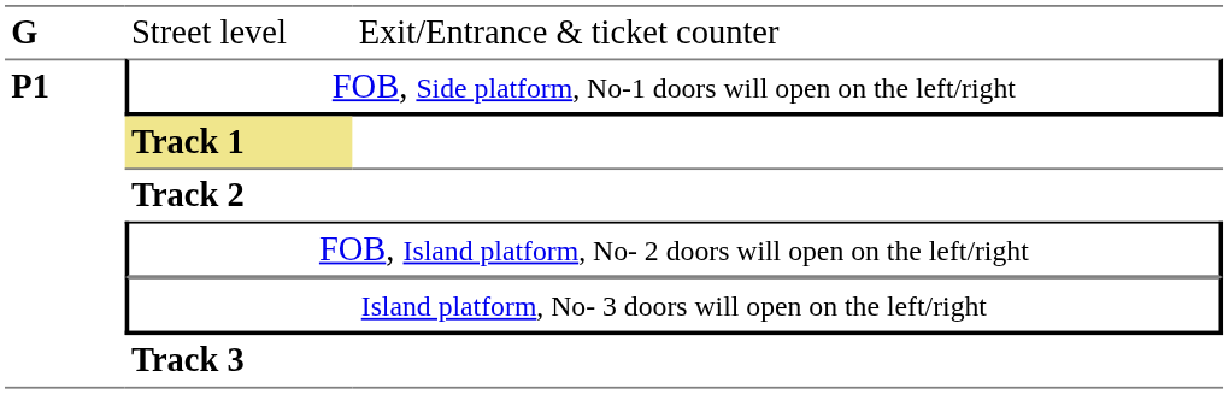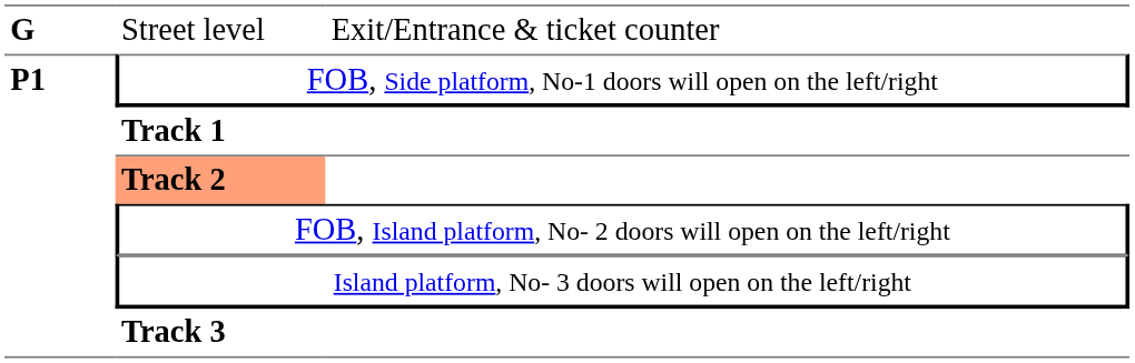 <table table border=0 cellspacing=0 cellpadding=3>
 <tr>
 <td style="border-top:solid 1px gray;" width=50 valign=top><strong>G</strong></td>
 <td style="border-top:solid 1px gray;" width=100 valign=top>Street level</td>
 <td style="border-top:solid 1px gray;" width=400 valign=top>Exit/Entrance & ticket counter</td>
 </tr>
 <tr>
 <td style="border-top:solid 1px gray;border-bottom:solid 1px gray;" width=50 rowspan=6 valign=top><strong>P1</strong></td>
 <td style="border-top:solid 1px gray;border-right:solid 2px black;border-left:solid 2px black;border-bottom:solid 2px black;text-align:center;" colspan=2><a href='#'>FOB</a>, <small><a href='#'>Side platform</a>, No-1 doors will open on the left/right</small></td>
 </tr>
 <tr>
-<td style="background: khaki; border-bottom:solid 1px gray;" width=100><strong>Track 1</strong></td>
+<td style="border-bottom:solid 1px gray;" width=100><strong>Track 1</strong></td>
 <td style="border-bottom:solid 1px gray;" width=400></td>
 </tr>
 <tr>
-<td><strong>Track 2</strong></td>
+<td style="background: lightsalmon;"><strong>Track 2</strong></td>
 <td></td>
 </tr>
 <tr>
 <td style="border-top:solid 1px black;border-right:solid 2px black;border-left:solid 2px black;border-bottom:solid 1px gray;text-align:center;" colspan=2><a href='#'>FOB</a>, <small><a href='#'>Island platform</a>, No- 2 doors will open on the left/right </small></td>
 </tr>
 <tr>
 <td style="border-top:solid 1px gray;border-right:solid 2px black;border-left:solid 2px black;border-bottom:solid 2px black;text-align:center;" colspan=2><small><a href='#'>Island platform</a>, No- 3 doors will open on the left/right</small></td>
 </tr>
 <tr>
 <td style="border-bottom:solid 1px gray;" width=100><strong>Track 3</strong></td>
 <td style="border-bottom:solid 1px gray;" width=400></td>
 </tr>
 <tr>
 </tr>
 </table>
